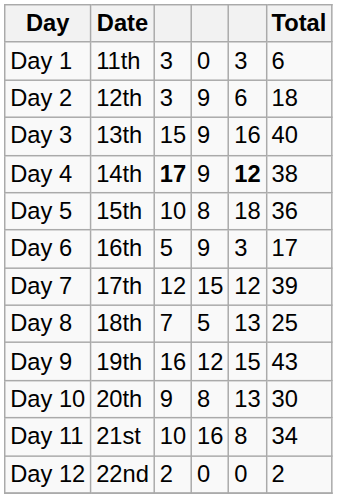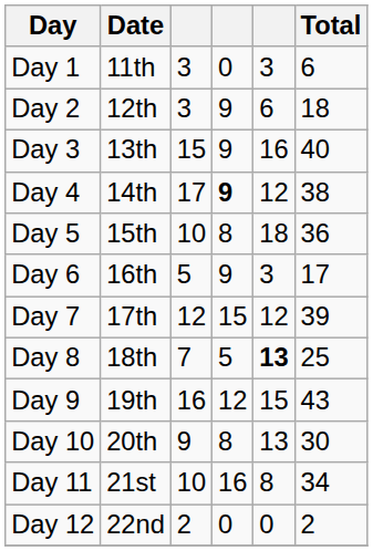 <table class="wikitable">
 <tr>
 <th>Day</th>
 <th>Date</th>
 <th></th>
 <th></th>
 <th></th>
 <th>Total</th>
 </tr>
 <tr>
 <td>Day 1</td>
 <td>11th</td>
 <td>3</td>
 <td>0</td>
 <td>3</td>
 <td>6</td>
 </tr>
 <tr>
 <td>Day 2</td>
 <td>12th</td>
 <td>3</td>
 <td>9</td>
 <td>6</td>
 <td>18</td>
 </tr>
 <tr>
 <td>Day 3</td>
 <td>13th</td>
 <td>15</td>
 <td>9</td>
 <td>16</td>
 <td>40</td>
 </tr>
 <tr>
 <td>Day 4</td>
 <td>14th</td>
-<td><strong>17</strong></td>
-<td>9</td>
-<td><strong>12</strong></td>
+<td>17</td>
+<td><strong>9</strong></td>
+<td>12</td>
 <td>38</td>
 </tr>
 <tr>
 <td>Day 5</td>
 <td>15th</td>
 <td>10</td>
 <td>8</td>
 <td>18</td>
 <td>36</td>
 </tr>
 <tr>
 <td>Day 6</td>
 <td>16th</td>
 <td>5</td>
 <td>9</td>
 <td>3</td>
 <td>17</td>
 </tr>
 <tr>
 <td>Day 7</td>
 <td>17th</td>
 <td>12</td>
 <td>15</td>
 <td>12</td>
 <td>39</td>
 </tr>
 <tr>
 <td>Day 8</td>
 <td>18th</td>
 <td>7</td>
 <td>5</td>
-<td>13</td>
+<td><strong>13</strong></td>
 <td>25</td>
 </tr>
 <tr>
 <td>Day 9</td>
 <td>19th</td>
 <td>16</td>
 <td>12</td>
 <td>15</td>
 <td>43</td>
 </tr>
 <tr>
 <td>Day 10</td>
 <td>20th</td>
 <td>9</td>
 <td>8</td>
 <td>13</td>
 <td>30</td>
 </tr>
 <tr>
 <td>Day 11</td>
 <td>21st</td>
 <td>10</td>
 <td>16</td>
 <td>8</td>
 <td>34</td>
 </tr>
 <tr>
 <td>Day 12</td>
 <td>22nd</td>
 <td>2</td>
 <td>0</td>
 <td>0</td>
 <td>2</td>
 </tr>
 <tr>
 </tr>
 </table>
